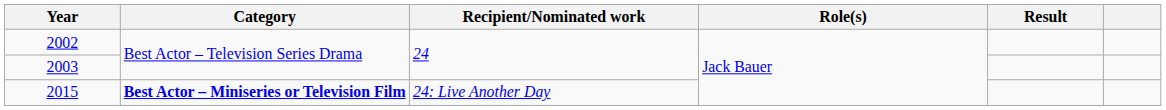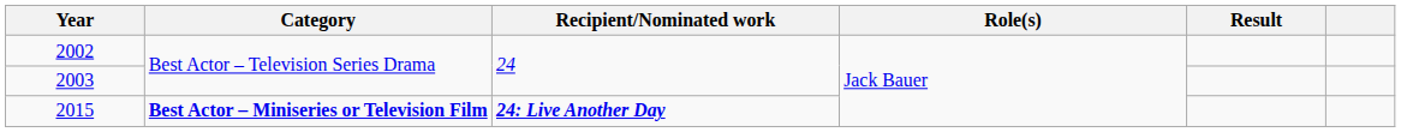 <table class=wikitable>
 <tr>
 <th scope="col" width="10%">Year</th>
 <th scope="col" width="25%">Category</th>
 <th scope="col" width="25%">Recipient/Nominated work</th>
 <th scope="col" width="25%">Role(s)</th>
 <th scope="col" width="10%">Result</th>
 <th scope="col" width="5%"></th>
 </tr>
 <tr>
 <td scope="row" style="text-align:center"><a href='#'>2002</a></td>
 <td rowspan="2"><a href='#'>Best Actor – Television Series Drama</a></td>
 <td rowspan="2"><em><a href='#'>24</a></em></td>
 <td rowspan="3"><a href='#'>Jack Bauer</a></td>
 <td></td>
 <td style="text-align:center;"></td>
 </tr>
 <tr>
 <td scope="row" style="text-align:center"><a href='#'>2003</a></td>
 <td></td>
 <td style="text-align:center;"></td>
 </tr>
 <tr>
 <td scope="row" style="text-align:center"><a href='#'>2015</a></td>
 <td><strong><a href='#'>Best Actor – Miniseries or Television Film</a></strong></td>
-<td><em><a href='#'>24: Live Another Day</a></em></td>
+<td><strong><em><a href='#'>24: Live Another Day</a></em></strong></td>
 <td></td>
 <td style="text-align:center;"></td>
 </tr>
 </table>
